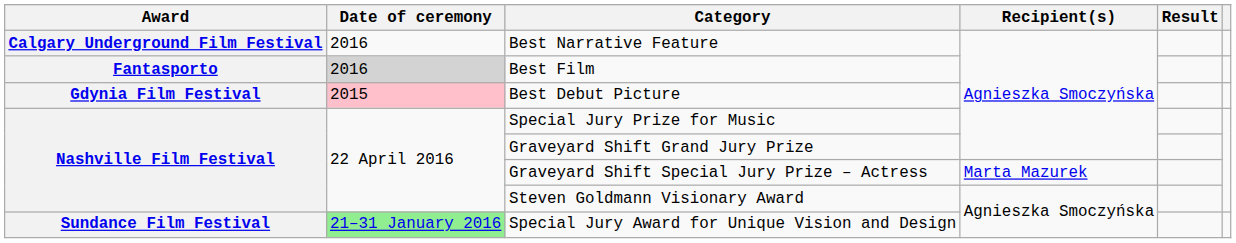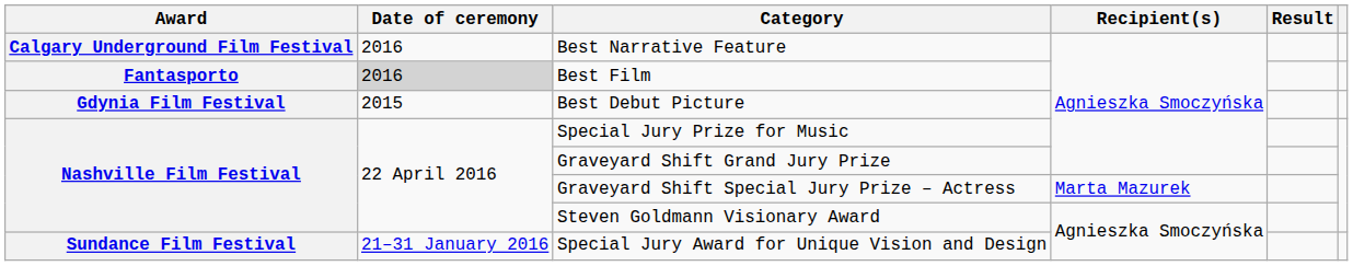 <table class="wikitable plainrowheaders sortable">
 <tr style="background:#ccc; text-align:center;">
 <th scope="col">Award</th>
 <th scope="col">Date of ceremony</th>
 <th scope="col">Category</th>
 <th scope="col">Recipient(s)</th>
 <th scope="col">Result</th>
 <th scope="col" class="unsortable"></th>
 </tr>
 <tr>
 <th scope="row"><a href='#'>Calgary Underground Film Festival</a></th>
 <td>2016</td>
 <td>Best Narrative Feature</td>
 <td rowspan="5"><a href='#'>Agnieszka Smoczyńska</a></td>
 <td></td>
 <td></td>
 </tr>
 <tr>
 <th scope="row"><a href='#'>Fantasporto</a></th>
 <td style="background: lightgrey;">2016</td>
 <td>Best Film</td>
 <td></td>
 <td></td>
 </tr>
 <tr>
 <th scope="row"><a href='#'>Gdynia Film Festival</a></th>
-<td style="background: pink;">2015</td>
+<td>2015</td>
 <td>Best Debut Picture</td>
 <td></td>
 <td></td>
 </tr>
 <tr>
 <th scope="row" rowspan="4"><a href='#'>Nashville Film Festival</a></th>
 <td rowspan="4">22 April 2016</td>
 <td>Special Jury Prize for Music</td>
 <td></td>
 <td rowspan="4"></td>
 </tr>
 <tr>
 <td>Graveyard Shift Grand Jury Prize</td>
 <td></td>
 </tr>
 <tr>
 <td>Graveyard Shift Special Jury Prize – Actress</td>
 <td><a href='#'>Marta Mazurek</a></td>
 <td></td>
 </tr>
 <tr>
 <td>Steven Goldmann Visionary Award</td>
 <td rowspan="2">Agnieszka Smoczyńska</td>
 <td></td>
 </tr>
 <tr>
 <th scope="row"><a href='#'>Sundance Film Festival</a></th>
-<td style="background: lightgreen;"><a href='#'>21–31 January 2016</a></td>
+<td><a href='#'>21–31 January 2016</a></td>
 <td>Special Jury Award for Unique Vision and Design</td>
 <td></td>
 <td></td>
 </tr>
 </table>
